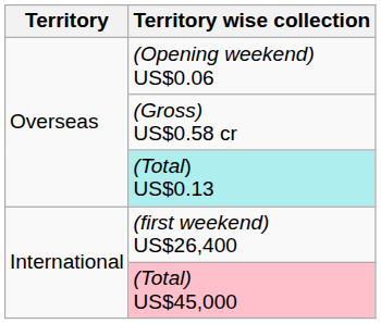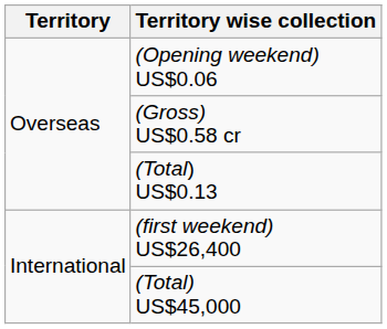 <table class="wikitable">
 <tr>
 <th>Territory</th>
 <th>Territory wise collection</th>
 </tr>
 <tr>
 <td rowspan="3">Overseas</td>
 <td><em>(Opening weekend)</em><br>US$0.06</td>
 </tr>
 <tr>
 <td><em>(Gross)</em><br>US$0.58 cr</td>
 </tr>
 <tr>
-<td style="background: paleturquoise;"><em>(Total</em>)<br>US$0.13</td>
+<td><em>(Total</em>)<br>US$0.13</td>
 </tr>
 <tr>
 <td rowspan="2">International</td>
 <td><em>(first weekend)</em><br>US$26,400</td>
 </tr>
 <tr>
-<td style="background: pink;"><em>(Total)</em><br>US$45,000</td>
+<td><em>(Total)</em><br>US$45,000</td>
 </tr>
 </table>
